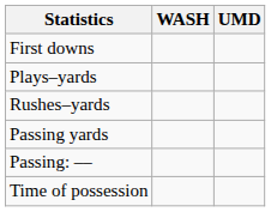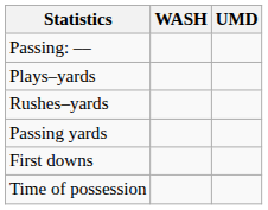 <table class="wikitable" style="float:left">
 <tr>
 <th>Statistics</th>
 <th>WASH</th>
 <th>UMD</th>
 </tr>
 <tr>
-<td>First downs</td>
+<td>Passing: ––</td>
 <td></td>
 <td></td>
 </tr>
 <tr>
 <td>Plays–yards</td>
 <td></td>
 <td></td>
 </tr>
 <tr>
 <td>Rushes–yards</td>
 <td></td>
 <td></td>
 </tr>
 <tr>
 <td>Passing yards</td>
 <td></td>
 <td></td>
 </tr>
 <tr>
-<td>Passing: ––</td>
+<td>First downs</td>
 <td></td>
 <td></td>
 </tr>
 <tr>
 <td>Time of possession</td>
 <td></td>
 <td></td>
 </tr>
 </table>
